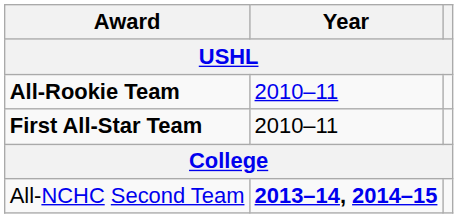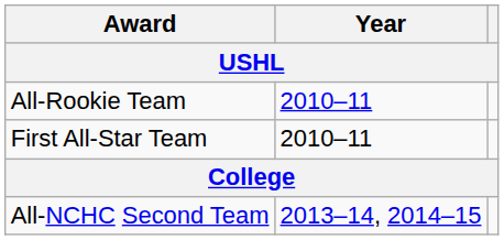 <table class="wikitable">
 <tr>
 <th>Award</th>
 <th>Year</th>
 <th></th>
 </tr>
 <tr>
 <th colspan="3"><a href='#'>USHL</a></th>
 </tr>
 <tr>
-<td><strong>All-Rookie Team</strong></td>
+<td>All-Rookie Team</td>
 <td><a href='#'>2010–11</a></td>
 <td></td>
 </tr>
 <tr>
-<td><strong>First All-Star Team</strong></td>
+<td>First All-Star Team</td>
 <td>2010–11</td>
 <td></td>
 </tr>
 <tr>
 <th colspan="3"><a href='#'>College</a></th>
 </tr>
 <tr>
 <td>All-<a href='#'>NCHC</a> <a href='#'>Second Team</a></td>
-<td><strong><a href='#'>2013–14</a>, <a href='#'>2014–15</a></strong></td>
+<td><a href='#'>2013–14</a>, <a href='#'>2014–15</a></td>
 <td></td>
 </tr>
 </table>
